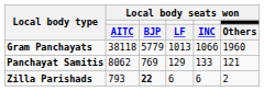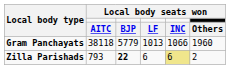 <table class="wikitable">
 <tr>
 <th rowspan="3">Local body type</th>
 <th colspan="5">Local body seats won</th>
 </tr>
 <tr>
 <td style="background:"></td>
 <td style="background:"></td>
 <td style="background:"></td>
 <td style="background:"></td>
 <td style="background:black"></td>
 </tr>
 <tr>
 <th><a href='#'>AITC</a></th>
 <th><a href='#'>BJP</a></th>
 <th><a href='#'>LF</a></th>
 <th><a href='#'>INC</a></th>
 <th>Others</th>
 </tr>
 <tr>
 <td><strong>Gram Panchayats</strong></td>
 <td>38118</td>
 <td>5779</td>
 <td>1013</td>
 <td>1066</td>
 <td>1960</td>
 </tr>
 <tr>
-<td><strong>Panchayat Samitis</strong></td>
-<td>8062</td>
-<td>769</td>
-<td>129</td>
-<td>133</td>
-<td>121</td>
-</tr>
-<tr>
 <td><strong>Zilla Parishads</strong></td>
 <td>793</td>
 <td><strong>22</strong></td>
 <td>6</td>
-<td>6</td>
+<td style="background: khaki;">6</td>
 <td>2</td>
 </tr>
 </table>
